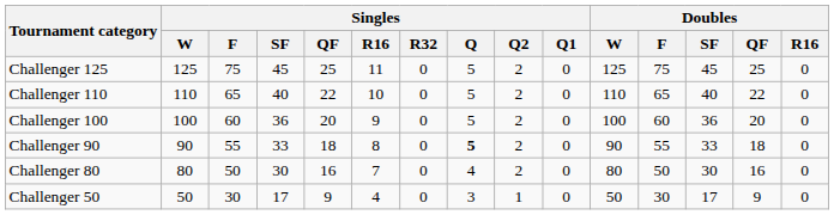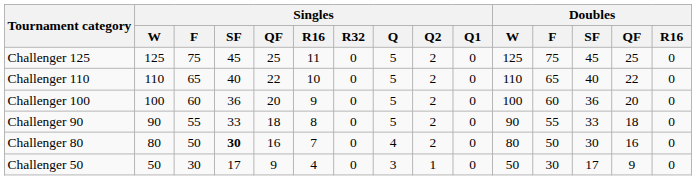 <table class="wikitable" style=text-align:center>
 <tr>
 <th rowspan=2 align=center>Tournament category</th>
 <th colspan=9 align=center>Singles</th>
 <th colspan=5 align=center>Doubles</th>
 </tr>
 <tr>
 <th width=40>W</th>
 <th width=40>F</th>
 <th width=40>SF</th>
 <th width=40>QF</th>
 <th width=40>R16</th>
 <th width=40>R32</th>
 <th width=40>Q</th>
 <th width=40>Q2</th>
 <th width=40>Q1</th>
 <th width=40>W</th>
 <th width=40>F</th>
 <th width=40>SF</th>
 <th width=40>QF</th>
 <th width=40>R16</th>
 </tr>
 <tr>
 <td align=left>Challenger 125</td>
 <td>125</td>
 <td>75</td>
 <td>45</td>
 <td>25</td>
 <td>11</td>
 <td>0</td>
 <td>5</td>
 <td>2</td>
 <td>0</td>
 <td>125</td>
 <td>75</td>
 <td>45</td>
 <td>25</td>
 <td>0</td>
 </tr>
 <tr>
 <td align=left>Challenger 110</td>
 <td>110</td>
 <td>65</td>
 <td>40</td>
 <td>22</td>
 <td>10</td>
 <td>0</td>
 <td>5</td>
 <td>2</td>
 <td>0</td>
 <td>110</td>
 <td>65</td>
 <td>40</td>
 <td>22</td>
 <td>0</td>
 </tr>
 <tr>
 <td align=left>Challenger 100</td>
 <td>100</td>
 <td>60</td>
 <td>36</td>
 <td>20</td>
 <td>9</td>
 <td>0</td>
 <td>5</td>
 <td>2</td>
 <td>0</td>
 <td>100</td>
 <td>60</td>
 <td>36</td>
 <td>20</td>
 <td>0</td>
 </tr>
 <tr>
 <td align=left>Challenger 90</td>
 <td>90</td>
 <td>55</td>
 <td>33</td>
 <td>18</td>
 <td>8</td>
 <td>0</td>
-<td><strong>5</strong></td>
+<td>5</td>
 <td>2</td>
 <td>0</td>
 <td>90</td>
 <td>55</td>
 <td>33</td>
 <td>18</td>
 <td>0</td>
 </tr>
 <tr>
 <td align=left>Challenger 80</td>
 <td>80</td>
 <td>50</td>
-<td>30</td>
+<td><strong>30</strong></td>
 <td>16</td>
 <td>7</td>
 <td>0</td>
 <td>4</td>
 <td>2</td>
 <td>0</td>
 <td>80</td>
 <td>50</td>
 <td>30</td>
 <td>16</td>
 <td>0</td>
 </tr>
 <tr>
 <td align=left>Challenger 50</td>
 <td>50</td>
 <td>30</td>
 <td>17</td>
 <td>9</td>
 <td>4</td>
 <td>0</td>
 <td>3</td>
 <td>1</td>
 <td>0</td>
 <td>50</td>
 <td>30</td>
 <td>17</td>
 <td>9</td>
 <td>0</td>
 </tr>
 </table>
